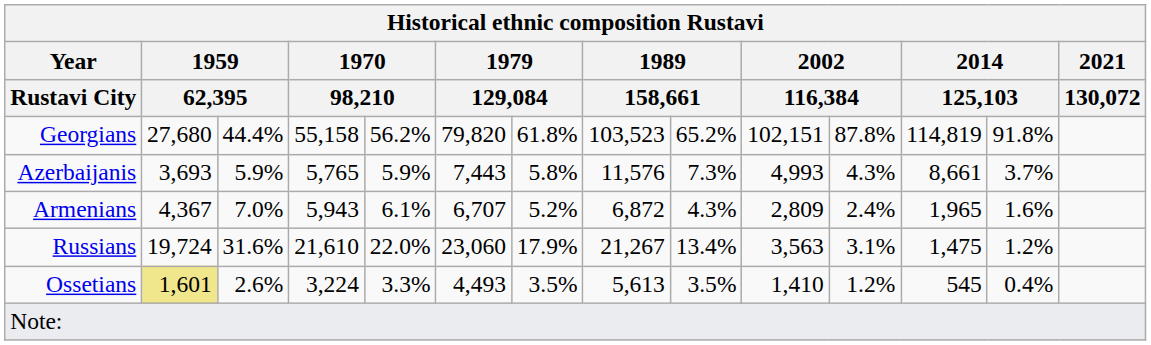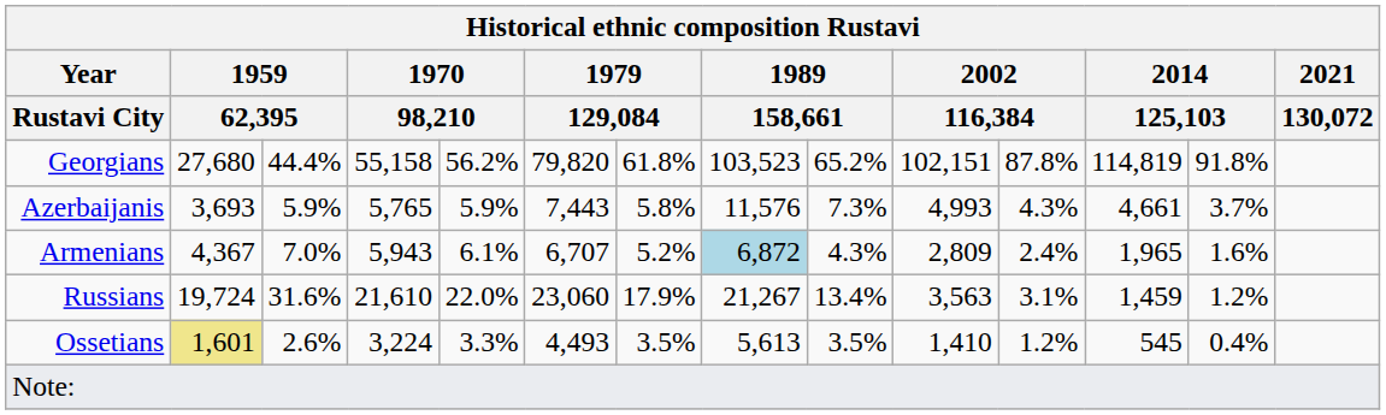 <table class="wikitable sortable" style="text-align:right">
 <tr>
 <th colspan=19>Historical ethnic composition Rustavi</th>
 </tr>
 <tr>
 <th>Year</th>
 <th colspan=2>1959</th>
 <th colspan=2>1970</th>
 <th colspan=2>1979</th>
 <th colspan=2>1989</th>
 <th colspan=2>2002</th>
 <th colspan=2>2014</th>
 <th>2021</th>
 </tr>
 <tr>
 <th>Rustavi City</th>
 <th colspan=2>62,395</th>
 <th colspan=2> 98,210</th>
 <th colspan=2> 129,084</th>
 <th colspan=2> 158,661</th>
 <th colspan=2> 116,384</th>
 <th colspan=2> 125,103</th>
 <th colspan=2> 130,072</th>
 </tr>
 <tr>
 <td><a href='#'>Georgians</a></td>
 <td>27,680</td>
 <td>44.4%</td>
 <td>55,158</td>
 <td> 56.2%</td>
 <td>79,820</td>
 <td> 61.8%</td>
 <td>103,523</td>
 <td> 65.2%</td>
 <td>102,151</td>
 <td> 87.8%</td>
 <td>114,819</td>
 <td> 91.8%</td>
 <td></td>
 </tr>
 <tr>
 <td><a href='#'>Azerbaijanis</a></td>
 <td>3,693</td>
 <td>5.9%</td>
 <td>5,765</td>
 <td> 5.9%</td>
 <td>7,443</td>
 <td> 5.8%</td>
 <td>11,576</td>
 <td> 7.3%</td>
 <td>4,993</td>
 <td> 4.3%</td>
-<td>8,661</td>
+<td>4,661</td>
 <td> 3.7%</td>
 <td></td>
 </tr>
 <tr>
 <td><a href='#'>Armenians</a></td>
 <td>4,367</td>
 <td>7.0%</td>
 <td>5,943</td>
 <td> 6.1%</td>
 <td>6,707</td>
 <td> 5.2%</td>
-<td>6,872</td>
+<td style="background: lightblue;">6,872</td>
 <td> 4.3%</td>
 <td>2,809</td>
 <td> 2.4%</td>
 <td>1,965</td>
 <td> 1.6%</td>
 <td></td>
 </tr>
 <tr>
 <td><a href='#'>Russians</a></td>
 <td>19,724</td>
 <td>31.6%</td>
 <td>21,610</td>
 <td> 22.0%</td>
 <td>23,060</td>
 <td> 17.9%</td>
 <td>21,267</td>
 <td> 13.4%</td>
 <td>3,563</td>
 <td> 3.1%</td>
-<td>1,475</td>
+<td>1,459</td>
 <td> 1.2%</td>
 <td></td>
 </tr>
 <tr>
 <td><a href='#'>Ossetians</a></td>
 <td style="background: khaki;">1,601</td>
 <td>2.6%</td>
 <td>3,224</td>
 <td> 3.3%</td>
 <td>4,493</td>
 <td> 3.5%</td>
 <td>5,613</td>
 <td> 3.5%</td>
 <td>1,410</td>
 <td> 1.2%</td>
 <td>545</td>
 <td> 0.4%</td>
 <td></td>
 </tr>
 <tr>
 <td colspan=15 class="wikitable" style="align:left;text-align:left;background-color:#eaecf0">Note:</td>
 </tr>
 </table>
